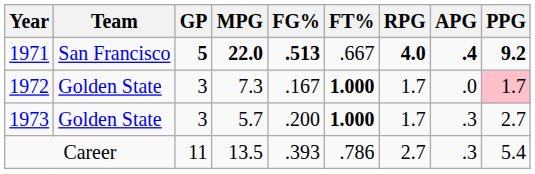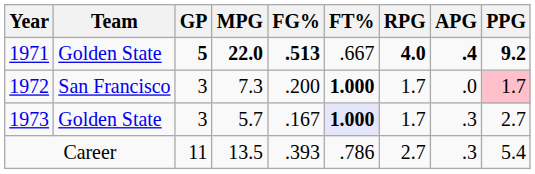 <table class="wikitable sortable" style="font-size:95%; text-align:right;">
 <tr>
 <th>Year</th>
 <th>Team</th>
 <th>GP</th>
 <th>MPG</th>
 <th>FG%</th>
 <th>FT%</th>
 <th>RPG</th>
 <th>APG</th>
 <th>PPG</th>
 </tr>
 <tr>
 <td style="text-align:left;"><a href='#'>1971</a></td>
-<td style="text-align:left;"><a href='#'>San Francisco</a></td>
+<td style="text-align:left;"><a href='#'>Golden State</a></td>
 <td><strong>5</strong></td>
 <td><strong>22.0</strong></td>
 <td><strong>.513</strong></td>
 <td>.667</td>
 <td><strong>4.0</strong></td>
 <td><strong>.4</strong></td>
 <td><strong>9.2</strong></td>
 </tr>
 <tr>
 <td style="text-align:left;"><a href='#'>1972</a></td>
-<td style="text-align:left;"><a href='#'>Golden State</a></td>
+<td style="text-align:left;"><a href='#'>San Francisco</a></td>
 <td>3</td>
 <td>7.3</td>
-<td>.167</td>
+<td>.200</td>
 <td><strong>1.000</strong></td>
 <td>1.7</td>
 <td>.0</td>
 <td style="background: pink;">1.7</td>
 </tr>
 <tr>
 <td style="text-align:left;"><a href='#'>1973</a></td>
 <td style="text-align:left;"><a href='#'>Golden State</a></td>
 <td>3</td>
 <td>5.7</td>
-<td>.200</td>
-<td><strong>1.000</strong></td>
+<td>.167</td>
+<td style="background: lavender;"><strong>1.000</strong></td>
 <td>1.7</td>
 <td>.3</td>
 <td>2.7</td>
 </tr>
 <tr class="sortbottom">
 <td style="text-align:center;" colspan="2">Career</td>
 <td>11</td>
 <td>13.5</td>
 <td>.393</td>
 <td>.786</td>
 <td>2.7</td>
 <td>.3</td>
 <td>5.4</td>
 </tr>
 </table>
